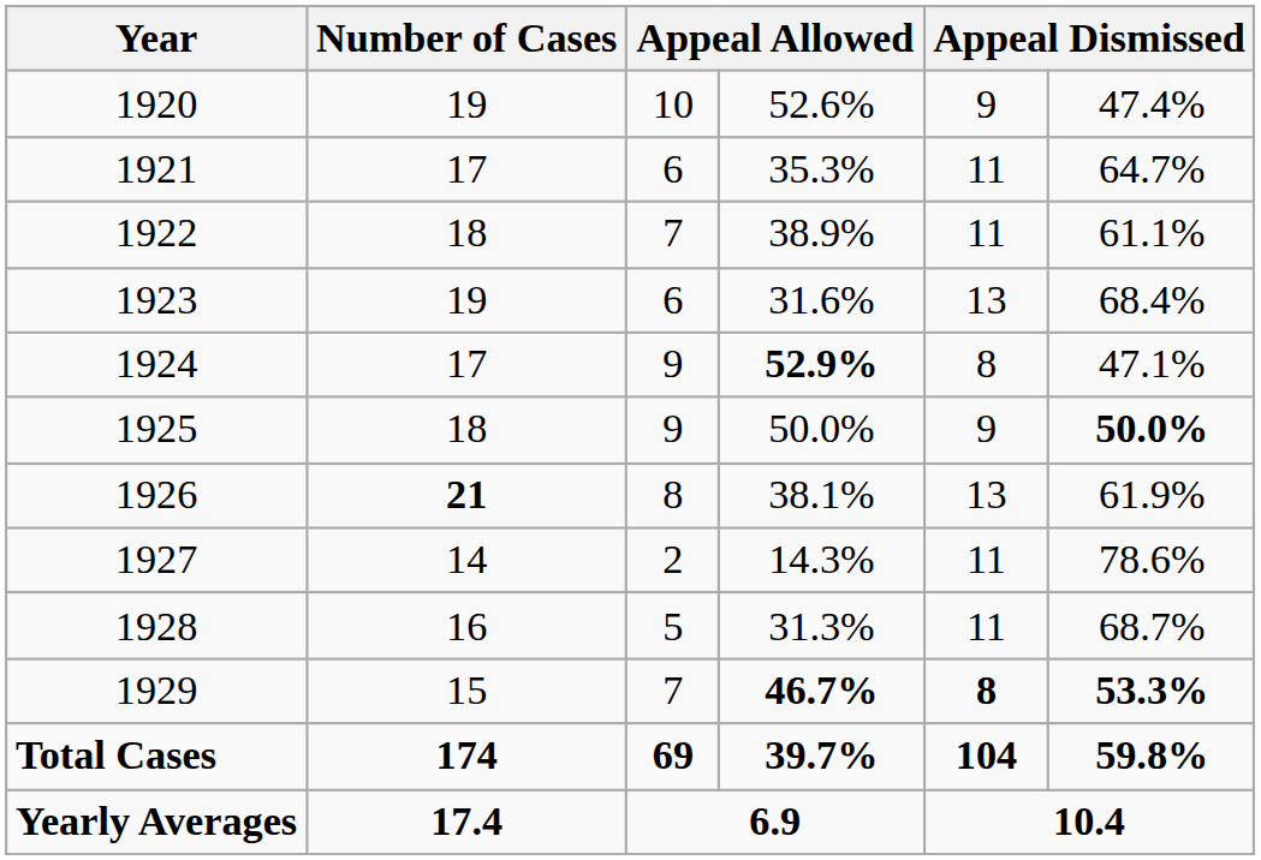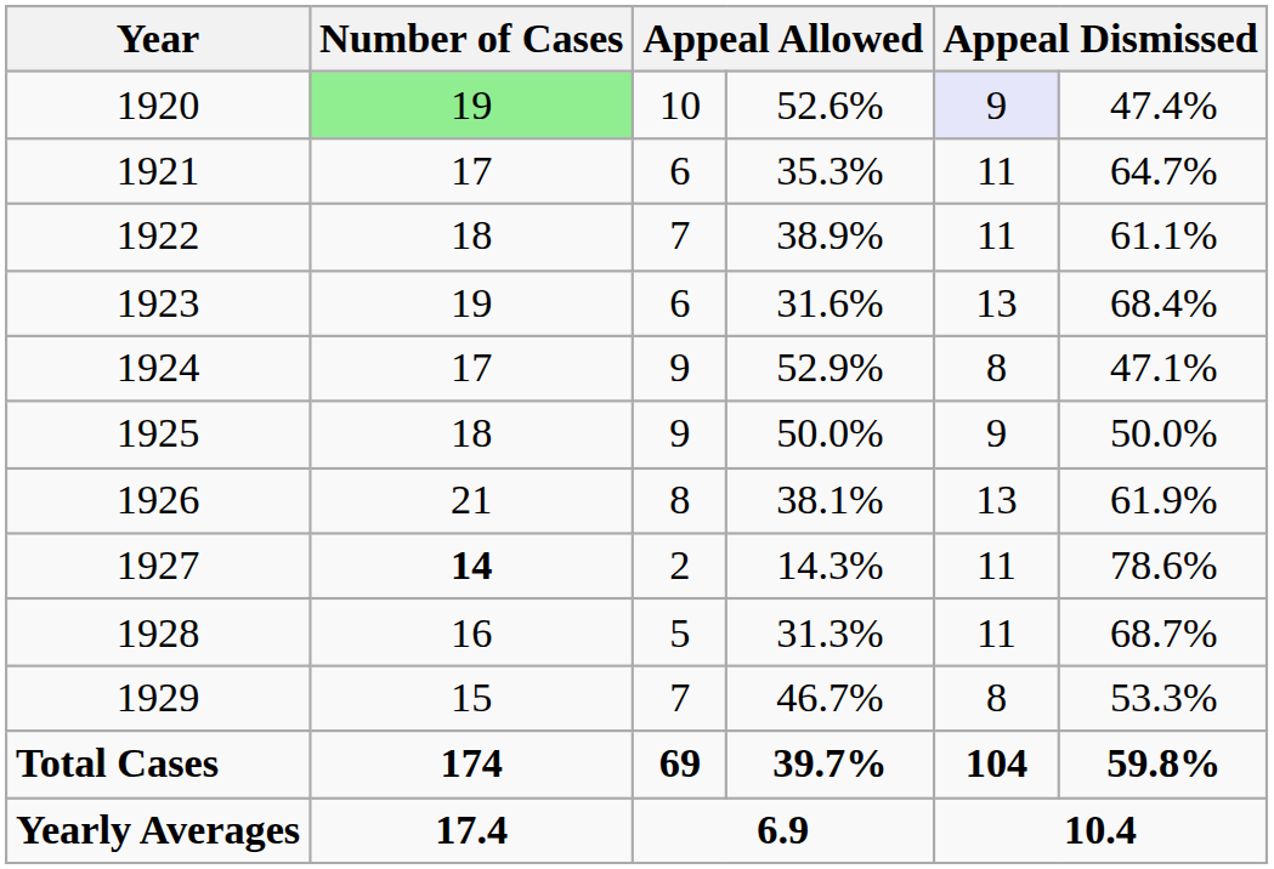 <table class="wikitable sortable">
 <tr>
 <th>Year</th>
 <th>Number of Cases</th>
 <th colspan=2>Appeal Allowed</th>
 <th colspan=2>Appeal Dismissed</th>
 </tr>
 <tr>
 <td style="text-align: center;">1920</td>
-<td style="text-align: center;">19</td>
+<td style="background: lightgreen; text-align: center;">19</td>
 <td style="text-align: center;">10</td>
 <td style="text-align: center;">52.6%</td>
-<td style="text-align: center;">9</td>
+<td style="background: lavender; text-align: center;">9</td>
 <td style="text-align: center;">47.4%</td>
 </tr>
 <tr>
 <td style="text-align: center;">1921</td>
 <td style="text-align: center;">17</td>
 <td style="text-align: center;">6</td>
 <td style="text-align: center;">35.3%</td>
 <td style="text-align: center;">11</td>
 <td style="text-align: center;">64.7%</td>
 </tr>
 <tr>
 <td style="text-align: center;">1922</td>
 <td style="text-align: center;">18</td>
 <td style="text-align: center;">7</td>
 <td style="text-align: center;">38.9%</td>
 <td style="text-align: center;">11</td>
 <td style="text-align: center;">61.1%</td>
 </tr>
 <tr>
 <td style="text-align: center;">1923</td>
 <td style="text-align: center;">19</td>
 <td style="text-align: center;">6</td>
 <td style="text-align: center;">31.6%</td>
 <td style="text-align: center;">13</td>
 <td style="text-align: center;">68.4%</td>
 </tr>
 <tr>
 <td style="text-align: center;">1924</td>
 <td style="text-align: center;">17</td>
 <td style="text-align: center;">9</td>
-<td style="text-align: center;"><strong>52.9%</strong></td>
+<td style="text-align: center;">52.9%</td>
 <td style="text-align: center;">8</td>
 <td style="text-align: center;">47.1%</td>
 </tr>
 <tr>
 <td style="text-align: center;">1925</td>
 <td style="text-align: center;">18</td>
 <td style="text-align: center;">9</td>
 <td style="text-align: center;">50.0%</td>
 <td style="text-align: center;">9</td>
-<td style="text-align: center;"><strong>50.0%</strong></td>
+<td style="text-align: center;">50.0%</td>
 </tr>
 <tr>
 <td style="text-align: center;">1926</td>
-<td style="text-align: center;"><strong>21</strong></td>
+<td style="text-align: center;">21</td>
 <td style="text-align: center;">8</td>
 <td style="text-align: center;">38.1%</td>
 <td style="text-align: center;">13</td>
 <td style="text-align: center;">61.9%</td>
 </tr>
 <tr>
 <td style="text-align: center;">1927</td>
-<td style="text-align: center;">14</td>
+<td style="text-align: center;"><strong>14</strong></td>
 <td style="text-align: center;">2</td>
 <td style="text-align: center;">14.3%</td>
 <td style="text-align: center;">11</td>
 <td style="text-align: center;">78.6%</td>
 </tr>
 <tr>
 <td style="text-align: center;">1928</td>
 <td style="text-align: center;">16</td>
 <td style="text-align: center;">5</td>
 <td style="text-align: center;">31.3%</td>
 <td style="text-align: center;">11</td>
 <td style="text-align: center;">68.7%</td>
 </tr>
 <tr>
 <td style="text-align: center;">1929</td>
 <td style="text-align: center;">15</td>
 <td style="text-align: center;">7</td>
-<td style="text-align: center;"><strong>46.7%</strong></td>
-<td style="text-align: center;"><strong>8</strong></td>
-<td style="text-align: center;"><strong>53.3%</strong></td>
+<td style="text-align: center;">46.7%</td>
+<td style="text-align: center;">8</td>
+<td style="text-align: center;">53.3%</td>
 </tr>
 <tr>
 <td><strong>Total Cases</strong></td>
 <td style="text-align: center;"><strong>174</strong></td>
 <td style="text-align: center;"><strong>69</strong></td>
 <td style="text-align: center;"><strong>39.7%</strong></td>
 <td style="text-align: center;"><strong>104</strong></td>
 <td style="text-align: center;"><strong>59.8%</strong></td>
 </tr>
 <tr>
 <td><strong>Yearly Averages</strong></td>
 <td style="text-align: center;"><strong>17.4</strong></td>
 <td colspan="2" style="text-align:center;"><strong>6.9</strong></td>
 <td colspan="2" style="text-align:center;"><strong>10.4</strong></td>
 </tr>
 <tr>
 </tr>
 </table>
